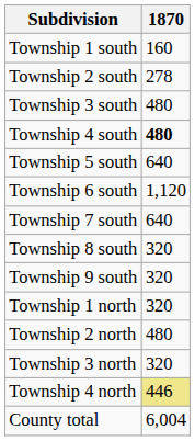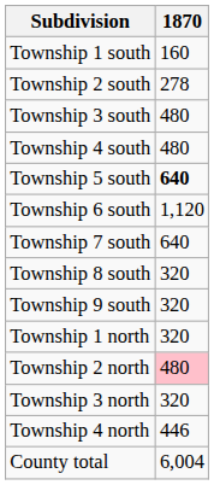 <table class="wikitable sortable col2right">
 <tr>
 <th>Subdivision</th>
 <th>1870<br></th>
 </tr>
 <tr>
 <td>Township 1 south</td>
 <td>160</td>
 </tr>
 <tr>
 <td>Township 2 south</td>
 <td>278</td>
 </tr>
 <tr>
 <td>Township 3 south</td>
 <td>480</td>
 </tr>
 <tr>
 <td>Township 4 south</td>
-<td><strong>480</strong></td>
+<td>480</td>
 </tr>
 <tr>
 <td>Township 5 south</td>
-<td>640</td>
+<td><strong>640</strong></td>
 </tr>
 <tr>
 <td>Township 6 south</td>
 <td>1,120</td>
 </tr>
 <tr>
 <td>Township 7 south</td>
 <td>640</td>
 </tr>
 <tr>
 <td>Township 8 south</td>
 <td>320</td>
 </tr>
 <tr>
 <td>Township 9 south</td>
 <td>320</td>
 </tr>
 <tr>
 <td>Township 1 north</td>
 <td>320</td>
 </tr>
 <tr>
 <td>Township 2 north</td>
-<td>480</td>
+<td style="background: pink;">480</td>
 </tr>
 <tr>
 <td>Township 3 north</td>
 <td>320</td>
 </tr>
 <tr>
 <td>Township 4 north</td>
-<td style="background: khaki;">446</td>
+<td>446</td>
 </tr>
 <tr>
 <td>County total</td>
 <td>6,004</td>
 </tr>
 </table>
